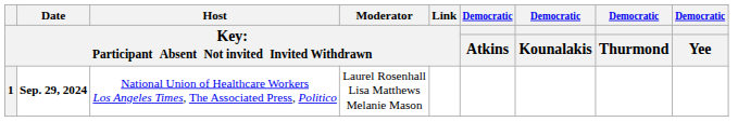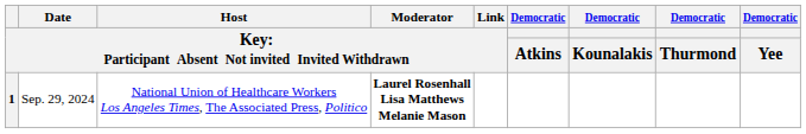 <table class="wikitable" style="text-align:center;">
 <tr style="font-size:small;">
 <th scope="col"></th>
 <th scope="col">Date</th>
 <th scope="col">Host</th>
 <th scope="col">Moderator</th>
 <th scope="col">Link</th>
 <th scope="col"><small><a href='#'>Democratic</a></small></th>
 <th scope="col"><small><a href='#'>Democratic</a></small></th>
 <th scope="col"><small><a href='#'>Democratic</a></small></th>
 <th scope="col"><small><a href='#'>Democratic</a></small></th>
 </tr>
 <tr>
 <th colspan="5" rowspan="2">Key:<br> <small>Participant </small>  <small>Absent </small>  <small>Not invited </small>  <small>Invited  Withdrawn</small></th>
 <th scope="col" style="background:"></th>
 <th scope="col" style="background:"></th>
 <th scope="col" style="background:"></th>
 <th scope="col" style="background:"></th>
 </tr>
 <tr>
 <th scope="col">Atkins</th>
 <th scope="col">Kounalakis</th>
 <th scope="col">Thurmond</th>
 <th scope="col">Yee</th>
 </tr>
 <tr style="background:#fff; font-size:small;">
 <th>1</th>
-<td style="white-space:nowrap;"><strong>Sep. 29, 2024</strong></td>
+<td style="white-space:nowrap;">Sep. 29, 2024</td>
 <td style="white-space:nowrap;"><a href='#'>National Union of Healthcare Workers</a><br><em><a href='#'>Los Angeles Times</a></em>, <a href='#'>The Associated Press</a>, <em><a href='#'>Politico</a></em></td>
-<td style="white-space:nowrap;">Laurel Rosenhall<br>Lisa Matthews<br>Melanie Mason</td>
+<td style="white-space:nowrap;"><strong>Laurel Rosenhall<br>Lisa Matthews<br>Melanie Mason</strong></td>
 <td style="white-space:nowrap;"></td>
 <td></td>
 <td></td>
 <td></td>
 <td></td>
 </tr>
 </table>
